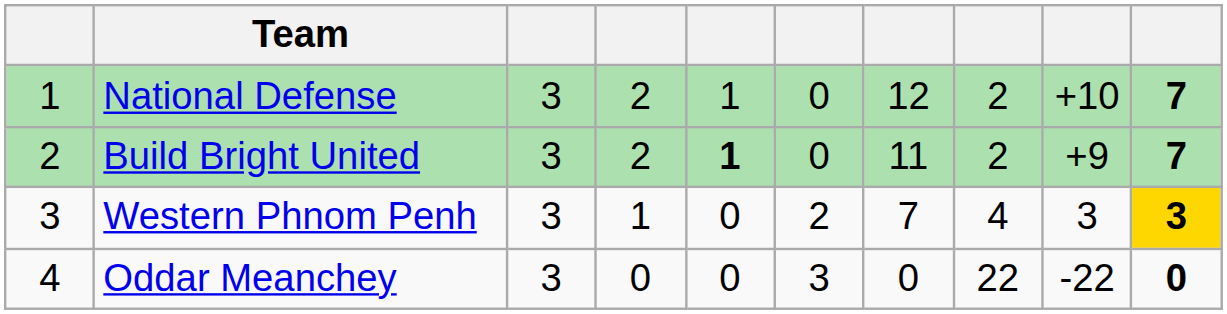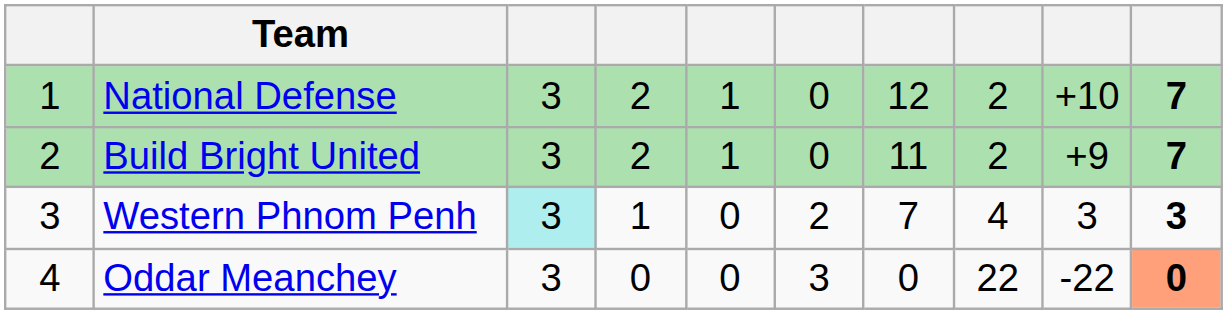 <table class="wikitable" style="text-align: center;">
 <tr>
 <th width=30></th>
 <th width=165>Team</th>
 <th width=30></th>
 <th width=30></th>
 <th width=30></th>
 <th width=30></th>
 <th width=30></th>
 <th width=30></th>
 <th width=30></th>
 <th width=30></th>
 </tr>
 <tr bgcolor=#ACE1AF>
 <td>1</td>
 <td align=left><a href='#'>National Defense</a></td>
 <td>3</td>
 <td>2</td>
 <td>1</td>
 <td>0</td>
 <td>12</td>
 <td>2</td>
 <td>+10</td>
 <td><strong>7</strong></td>
 </tr>
 <tr bgcolor=#ACE1AF>
 <td>2</td>
 <td align=left><a href='#'>Build Bright United</a></td>
 <td>3</td>
 <td>2</td>
-<td><strong>1</strong></td>
+<td>1</td>
 <td>0</td>
 <td>11</td>
 <td>2</td>
 <td>+9</td>
 <td><strong>7</strong></td>
 </tr>
 <tr>
 <td>3</td>
 <td align=left><a href='#'>Western Phnom Penh</a></td>
-<td>3</td>
+<td style="background: paleturquoise;">3</td>
 <td>1</td>
 <td>0</td>
 <td>2</td>
 <td>7</td>
 <td>4</td>
 <td>3</td>
-<td style="background: gold;"><strong>3</strong></td>
+<td><strong>3</strong></td>
 </tr>
 <tr>
 <td>4</td>
 <td align=left><a href='#'>Oddar Meanchey</a></td>
 <td>3</td>
 <td>0</td>
 <td>0</td>
 <td>3</td>
 <td>0</td>
 <td>22</td>
 <td>-22</td>
-<td><strong>0</strong></td>
+<td style="background: lightsalmon;"><strong>0</strong></td>
 </tr>
 </table>
